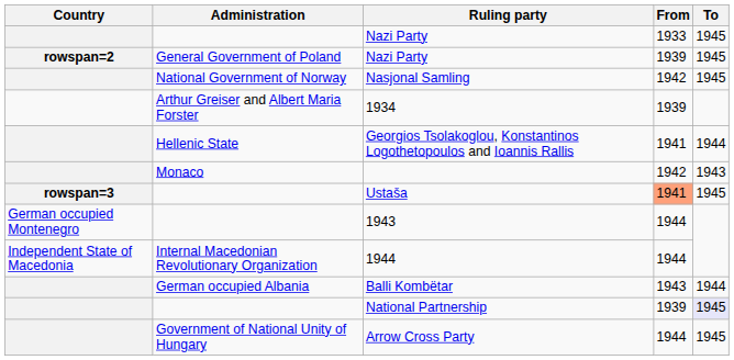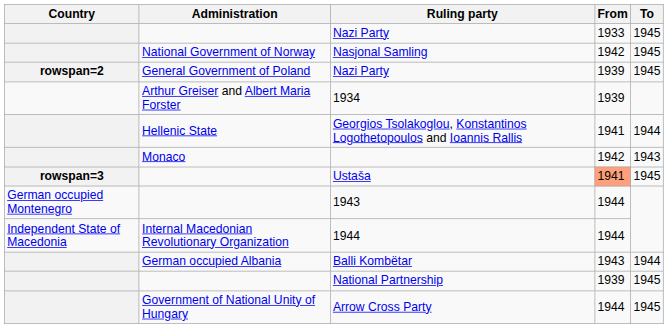 <table class="sortable plainrowheaders wikitable">
 <tr>
 <th>Country</th>
 <th>Administration</th>
 <th>Ruling party</th>
 <th>From</th>
 <th>To</th>
 </tr>
 <tr>
 <th></th>
 <td></td>
 <td> <a href='#'>Nazi Party</a></td>
 <td>1933</td>
 <td>1945</td>
 </tr>
 <tr>
+<th></th>
+<td> <a href='#'>National Government of Norway</a></td>
+<td> <a href='#'>Nasjonal Samling</a></td>
+<td>1942</td>
+<td>1945</td>
+</tr>
+<tr>
 <th>rowspan=2 </th>
 <td> <a href='#'>General Government of Poland</a></td>
 <td> <a href='#'>Nazi Party</a></td>
 <td>1939</td>
-<td>1945</td>
-</tr>
-<tr>
-<th></th>
-<td> <a href='#'>National Government of Norway</a></td>
-<td> <a href='#'>Nasjonal Samling</a></td>
-<td>1942</td>
 <td>1945</td>
 </tr>
 <tr>
 <td></td>
 <td><a href='#'>Arthur Greiser</a> and <a href='#'>Albert Maria Forster</a></td>
 <td>1934</td>
 <td>1939</td>
 </tr>
 <tr>
 <th></th>
 <td> <a href='#'>Hellenic State</a></td>
 <td><a href='#'>Georgios Tsolakoglou</a>, <a href='#'>Konstantinos Logothetopoulos</a> and <a href='#'>Ioannis Rallis</a></td>
 <td>1941</td>
 <td>1944</td>
 </tr>
 <tr>
 <th></th>
 <td> <a href='#'>Monaco</a></td>
 <td></td>
 <td>1942</td>
 <td>1943</td>
 </tr>
 <tr>
 <th>rowspan=3  </th>
 <td></td>
 <td> <a href='#'>Ustaša</a></td>
 <td style="background: lightsalmon;">1941</td>
 <td>1945</td>
 </tr>
 <tr>
 <td> <a href='#'>German occupied Montenegro</a></td>
 <td></td>
 <td>1943</td>
 <td>1944</td>
 </tr>
 <tr>
 <td> <a href='#'>Independent State of Macedonia</a></td>
 <td> <a href='#'>Internal Macedonian Revolutionary Organization</a></td>
 <td>1944</td>
 <td>1944</td>
 </tr>
 <tr>
 <th></th>
 <td> <a href='#'>German occupied Albania</a></td>
 <td><a href='#'>Balli Kombëtar</a></td>
 <td>1943</td>
 <td>1944</td>
 </tr>
 <tr>
 <th></th>
 <td></td>
 <td> <a href='#'>National Partnership</a></td>
 <td>1939</td>
-<td style="background: lavender;">1945</td>
+<td>1945</td>
 </tr>
 <tr>
 <th></th>
 <td> <a href='#'>Government of National Unity of Hungary</a></td>
 <td> <a href='#'>Arrow Cross Party</a></td>
 <td>1944</td>
 <td>1945</td>
 </tr>
 </table>
